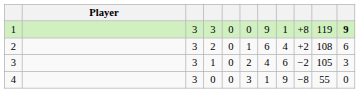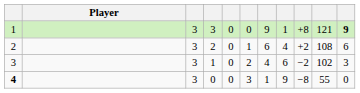 <table class="wikitable" style="text-align:center; margin: 1em auto 1em auto, align:left">
 <tr>
 <th width=20></th>
 <th width=240>Player</th>
 <th width=20></th>
 <th width=20></th>
 <th width=20></th>
 <th width=20></th>
 <th width=20></th>
 <th width=20></th>
 <th width=20></th>
 <th width=30></th>
 <th width=20></th>
 </tr>
 <tr style="background:#D0F0C0;">
 <td>1</td>
 <td align=left></td>
 <td>3</td>
 <td>3</td>
 <td>0</td>
 <td>0</td>
 <td>9</td>
 <td>1</td>
 <td>+8</td>
-<td>119</td>
+<td>121</td>
 <td><strong>9</strong></td>
 </tr>
 <tr style=>
 <td>2</td>
 <td align=left></td>
 <td>3</td>
 <td>2</td>
 <td>0</td>
 <td>1</td>
 <td>6</td>
 <td>4</td>
 <td>+2</td>
 <td>108</td>
 <td>6</td>
 </tr>
 <tr style=>
 <td>3</td>
 <td align=left></td>
 <td>3</td>
 <td>1</td>
 <td>0</td>
 <td>2</td>
 <td>4</td>
 <td>6</td>
 <td>−2</td>
-<td>105</td>
+<td>102</td>
 <td>3</td>
 </tr>
 <tr style=>
-<td>4</td>
+<td><strong>4</strong></td>
 <td align=left></td>
 <td>3</td>
 <td>0</td>
 <td>0</td>
 <td>3</td>
 <td>1</td>
 <td>9</td>
 <td>−8</td>
 <td>55</td>
 <td>0</td>
 </tr>
 </table>
